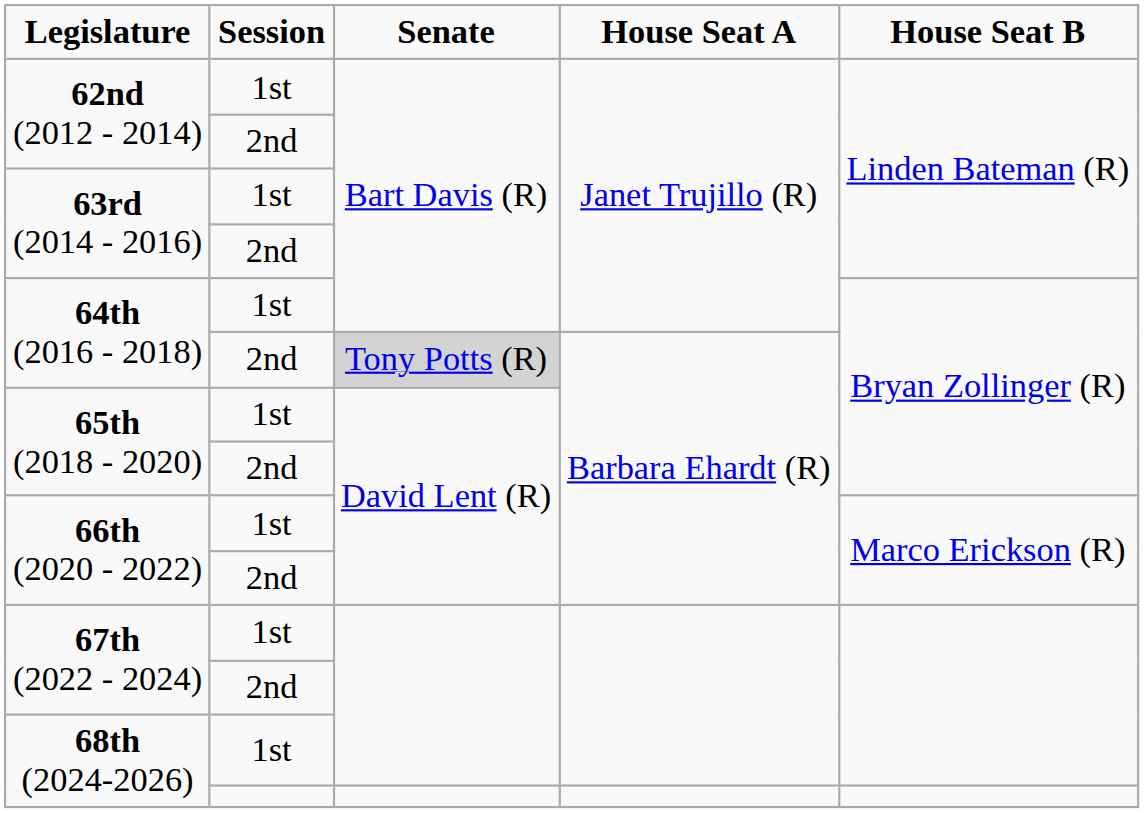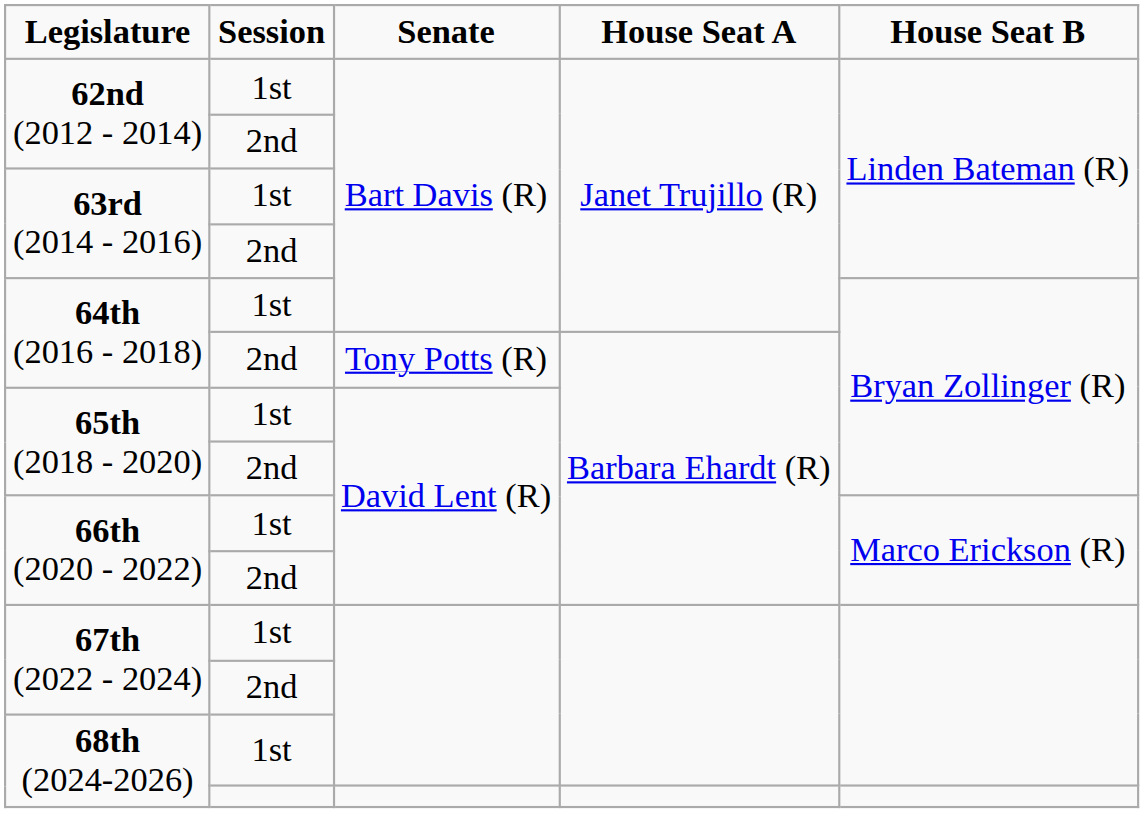 <table class=wikitable style="text-align:center">
 <tr>
 <td><strong>Legislature</strong></td>
 <td><strong>Session</strong></td>
 <td><strong>Senate</strong></td>
 <td><strong>House Seat A</strong></td>
 <td><strong>House Seat B</strong></td>
 </tr>
 <tr>
 <td rowspan="2" colspan="1" style="text-align: center;"><strong>62nd</strong> <br> (2012 - 2014)</td>
 <td>1st</td>
 <td rowspan="5" colspan="1" style="text-align: center;" ><a href='#'>Bart Davis</a> (R)</td>
 <td rowspan="5" colspan="1" style="text-align: center;" ><a href='#'>Janet Trujillo</a> (R)</td>
 <td rowspan="4" colspan="1" style="text-align: center;" ><a href='#'>Linden Bateman</a> (R)</td>
 </tr>
 <tr>
 <td>2nd</td>
 </tr>
 <tr>
 <td rowspan="2" colspan="1" style="text-align: center;"><strong>63rd</strong> <br> (2014 - 2016)</td>
 <td>1st</td>
 </tr>
 <tr>
 <td>2nd</td>
 </tr>
 <tr>
 <td rowspan="2" colspan="1" style="text-align: center;"><strong>64th</strong> <br> (2016 - 2018)</td>
 <td>1st</td>
 <td rowspan="4" colspan="1" style="text-align: center;" ><a href='#'>Bryan Zollinger</a> (R)</td>
 </tr>
 <tr>
 <td>2nd</td>
-<td rowspan="1" colspan="1" style="background: lightgrey; text-align: center;" ><a href='#'>Tony Potts</a> (R)</td>
+<td rowspan="1" colspan="1" style="text-align: center;" ><a href='#'>Tony Potts</a> (R)</td>
 <td rowspan="5" colspan="1" style="text-align: center;" ><a href='#'>Barbara Ehardt</a> (R)</td>
 </tr>
 <tr>
 <td rowspan="2" colspan="1" style="text-align: center;"><strong>65th</strong> <br> (2018 - 2020)</td>
 <td>1st</td>
 <td rowspan="4" colspan="1" style="text-align: center;" ><a href='#'>David Lent</a> (R)</td>
 </tr>
 <tr>
 <td>2nd</td>
 </tr>
 <tr>
 <td rowspan="2" colspan="1" style="text-align: center;"><strong>66th</strong> <br> (2020 - 2022)</td>
 <td>1st</td>
 <td rowspan="2" colspan="1" style="text-align: center;" ><a href='#'>Marco Erickson</a> (R)</td>
 </tr>
 <tr>
 <td>2nd</td>
 </tr>
 <tr>
 <td rowspan="2"><strong>67th</strong><br>(2022 - 2024)</td>
 <td>1st</td>
 <td rowspan="3"></td>
 <td rowspan="3"></td>
 <td rowspan="3"></td>
 </tr>
 <tr>
 <td>2nd</td>
 </tr>
 <tr>
 <td rowspan="2"><strong>68th</strong><br>(2024-2026)</td>
 <td>1st</td>
 </tr>
 <tr>
 <td></td>
 <td></td>
 <td></td>
 <td></td>
 </tr>
 </table>
